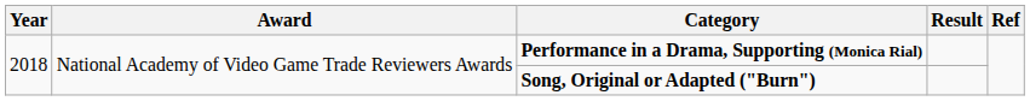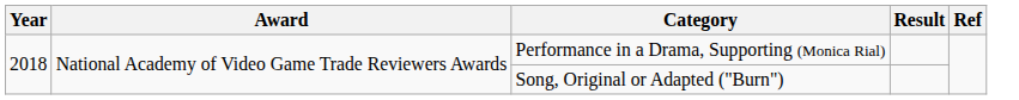 <table class="wikitable sortable">
 <tr>
 <th>Year</th>
 <th>Award</th>
 <th>Category</th>
 <th>Result</th>
 <th>Ref</th>
 </tr>
 <tr>
 <td style="text-align:center;" rowspan="2">2018</td>
 <td rowspan="2">National Academy of Video Game Trade Reviewers Awards</td>
-<td><strong>Performance in a Drama, Supporting <small>(Monica Rial)</small></strong></td>
+<td>Performance in a Drama, Supporting <small>(Monica Rial)</small></td>
 <td></td>
 <td rowspan="2" style="text-align:center;"></td>
 </tr>
 <tr>
-<td><strong>Song, Original or Adapted ("Burn")</strong></td>
+<td>Song, Original or Adapted ("Burn")</td>
 <td></td>
 </tr>
 </table>
